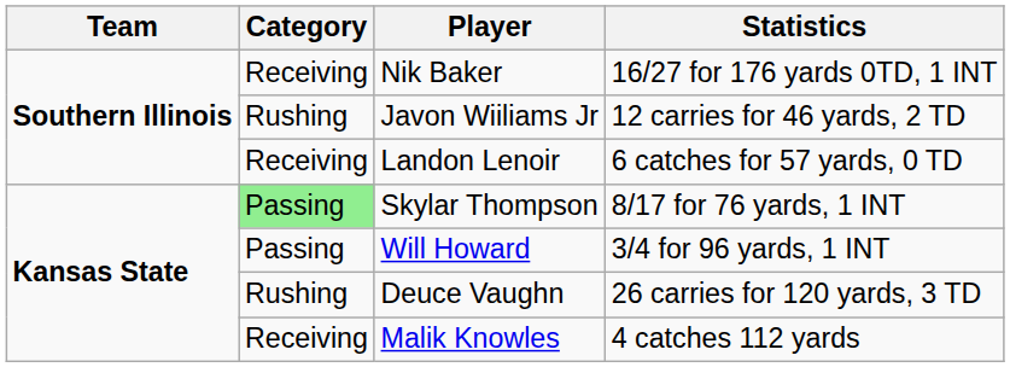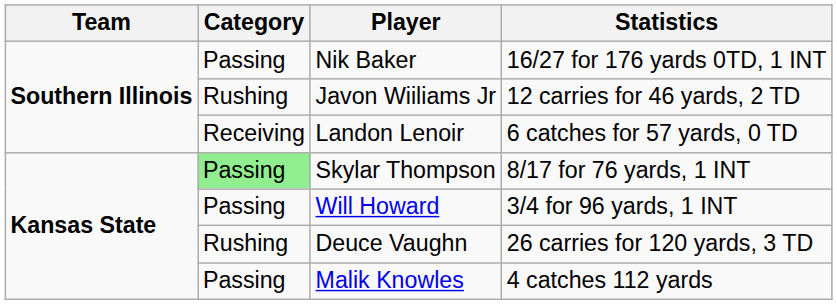 <table class="wikitable" style="float: right;">
 <tr>
 <th>Team</th>
 <th>Category</th>
 <th>Player</th>
 <th>Statistics</th>
 </tr>
 <tr>
 <td rowspan=3><strong>Southern Illinois</strong></td>
-<td>Receiving</td>
+<td>Passing</td>
 <td>Nik Baker</td>
 <td>16/27 for 176 yards 0TD, 1 INT</td>
 </tr>
 <tr>
 <td>Rushing</td>
 <td>Javon Wiiliams Jr</td>
 <td>12 carries for 46 yards, 2 TD</td>
 </tr>
 <tr>
 <td>Receiving</td>
 <td>Landon Lenoir</td>
 <td>6 catches for 57 yards, 0 TD</td>
 </tr>
 <tr>
 <td rowspan=4><strong>Kansas State</strong></td>
 <td style="background: lightgreen;">Passing</td>
 <td>Skylar Thompson</td>
 <td>8/17 for 76 yards, 1 INT</td>
 </tr>
 <tr>
 <td>Passing</td>
 <td><a href='#'>Will Howard</a></td>
 <td>3/4 for 96 yards, 1 INT</td>
 </tr>
 <tr>
 <td>Rushing</td>
 <td>Deuce Vaughn</td>
 <td>26 carries for 120 yards, 3 TD</td>
 </tr>
 <tr>
-<td>Receiving</td>
+<td>Passing</td>
 <td><a href='#'>Malik Knowles</a></td>
 <td>4 catches 112 yards</td>
 </tr>
 </table>
